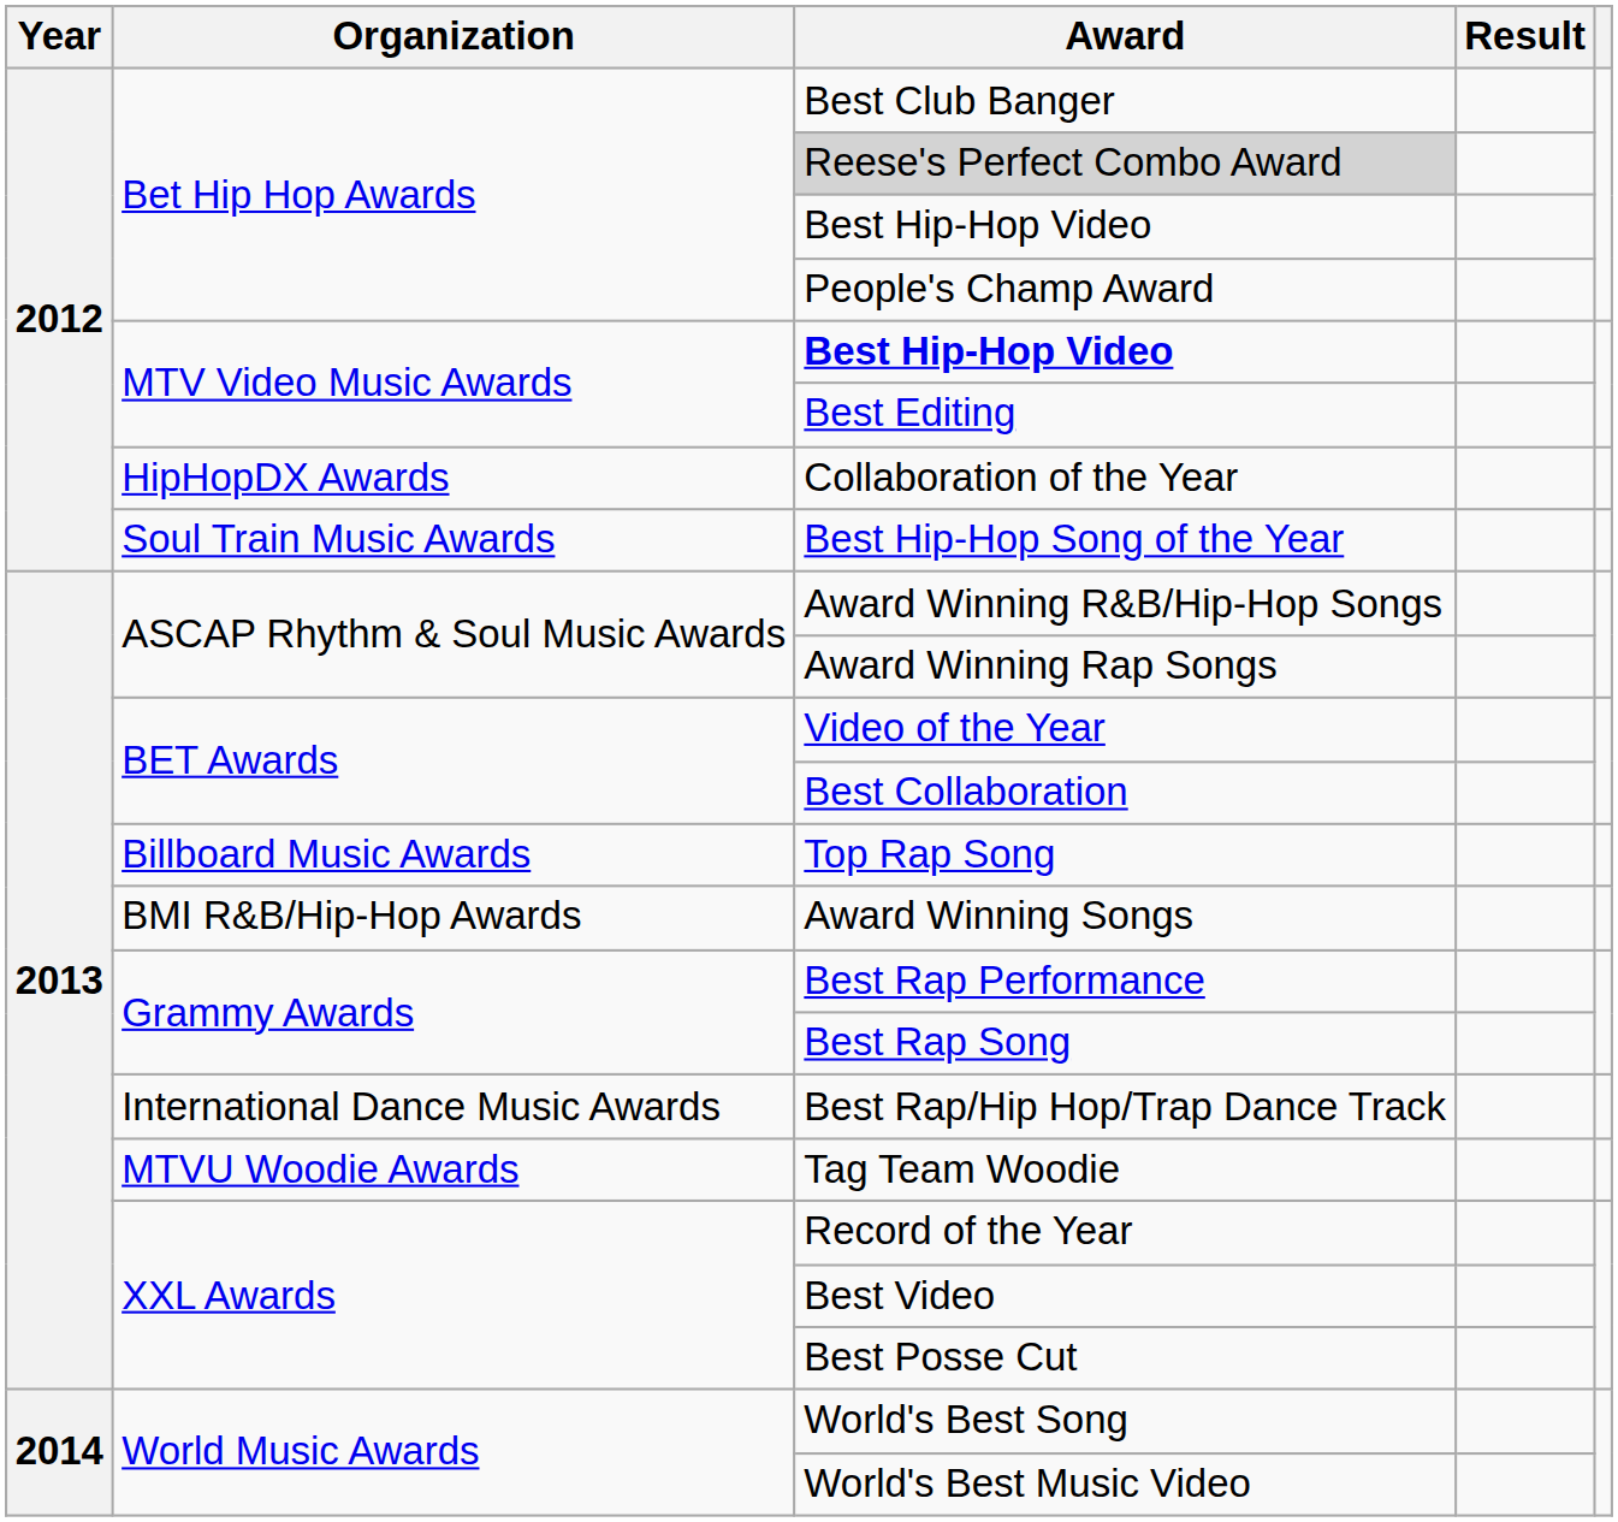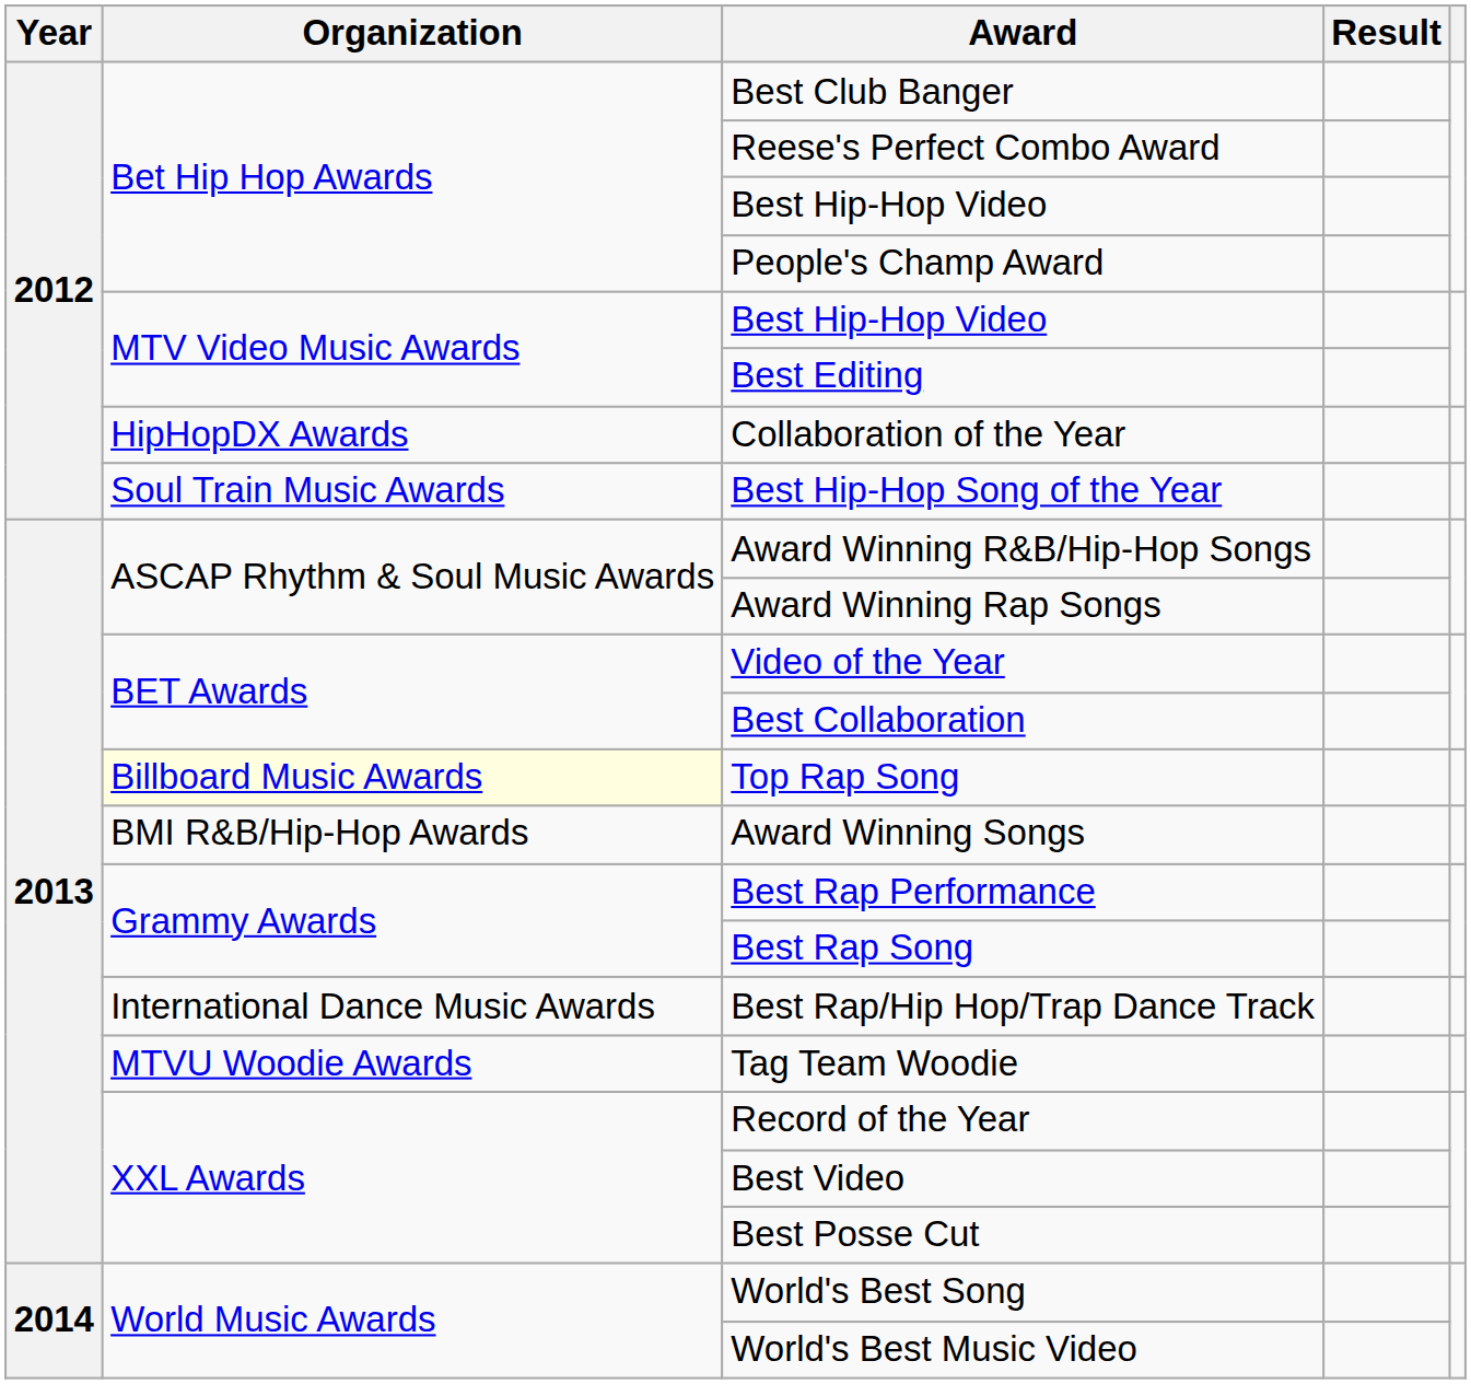 <table class="wikitable sortable plainrowheaders">
 <tr>
 <th scope="col">Year</th>
 <th scope="col">Organization</th>
 <th scope="col">Award</th>
 <th scope="col">Result</th>
 <th scope="col" class="unsortable"></th>
 </tr>
 <tr>
 <th scope="row" rowspan="8">2012</th>
 <td rowspan="4"><a href='#'>Bet Hip Hop Awards</a></td>
 <td>Best Club Banger</td>
 <td></td>
 <td rowspan="4" align="center"></td>
 </tr>
 <tr>
-<td style="background: lightgrey;">Reese's Perfect Combo Award</td>
+<td>Reese's Perfect Combo Award</td>
 <td></td>
 </tr>
 <tr>
 <td>Best Hip-Hop Video</td>
 <td></td>
 </tr>
 <tr>
 <td>People's Champ Award</td>
 <td></td>
 </tr>
 <tr>
 <td rowspan="2"><a href='#'>MTV Video Music Awards</a></td>
-<td><strong><a href='#'>Best Hip-Hop Video</a></strong></td>
+<td><a href='#'>Best Hip-Hop Video</a></td>
 <td></td>
 <td rowspan="2" align="center"></td>
 </tr>
 <tr>
 <td><a href='#'>Best Editing</a></td>
 <td></td>
 </tr>
 <tr>
 <td><a href='#'>HipHopDX Awards</a></td>
 <td>Collaboration of the Year</td>
 <td></td>
 <td style="text-align:center;"></td>
 </tr>
 <tr>
 <td><a href='#'>Soul Train Music Awards</a></td>
 <td><a href='#'>Best Hip-Hop Song of the Year</a></td>
 <td></td>
 <td align="center"></td>
 </tr>
 <tr>
 <th scope="row" rowspan="13">2013</th>
 <td rowspan="2">ASCAP Rhythm & Soul Music Awards</td>
 <td>Award Winning R&B/Hip-Hop Songs</td>
 <td></td>
 <td style="text-align:center;" rowspan="2"></td>
 </tr>
 <tr>
 <td>Award Winning Rap Songs</td>
 <td></td>
 </tr>
 <tr>
 <td rowspan="2"><a href='#'>BET Awards</a></td>
 <td><a href='#'>Video of the Year</a></td>
 <td></td>
 <td rowspan=2 align="center"></td>
 </tr>
 <tr>
 <td><a href='#'>Best Collaboration</a></td>
 <td></td>
 </tr>
 <tr>
-<td><a href='#'>Billboard Music Awards</a></td>
+<td style="background: lightyellow;"><a href='#'>Billboard Music Awards</a></td>
 <td><a href='#'>Top Rap Song</a></td>
 <td></td>
 <td style="text-align:center;"></td>
 </tr>
 <tr>
 <td>BMI R&B/Hip-Hop Awards</td>
 <td>Award Winning Songs</td>
 <td></td>
 <td style="text-align:center;"></td>
 </tr>
 <tr>
 <td rowspan="2"><a href='#'>Grammy Awards</a></td>
 <td><a href='#'>Best Rap Performance</a></td>
 <td></td>
 <td rowspan=2 align="center"></td>
 </tr>
 <tr>
 <td><a href='#'>Best Rap Song</a></td>
 <td></td>
 </tr>
 <tr>
 <td>International Dance Music Awards</td>
 <td>Best Rap/Hip Hop/Trap Dance Track</td>
 <td></td>
 <td style="text-align:center;"></td>
 </tr>
 <tr>
 <td><a href='#'>MTVU Woodie Awards</a></td>
 <td>Tag Team Woodie</td>
 <td></td>
 <td style="text-align:center;"></td>
 </tr>
 <tr>
 <td rowspan="3"><a href='#'>XXL Awards</a></td>
 <td>Record of the Year</td>
 <td></td>
 <td rowspan="3" align="center"></td>
 </tr>
 <tr>
 <td>Best Video</td>
 <td></td>
 </tr>
 <tr>
 <td>Best Posse Cut</td>
 <td></td>
 </tr>
 <tr>
 <th scope="row" rowspan="2">2014</th>
 <td rowspan="2"><a href='#'>World Music Awards</a></td>
 <td>World's Best Song</td>
 <td></td>
 <td rowspan="2" align="center"></td>
 </tr>
 <tr>
 <td>World's Best Music Video</td>
 <td></td>
 </tr>
 </table>
